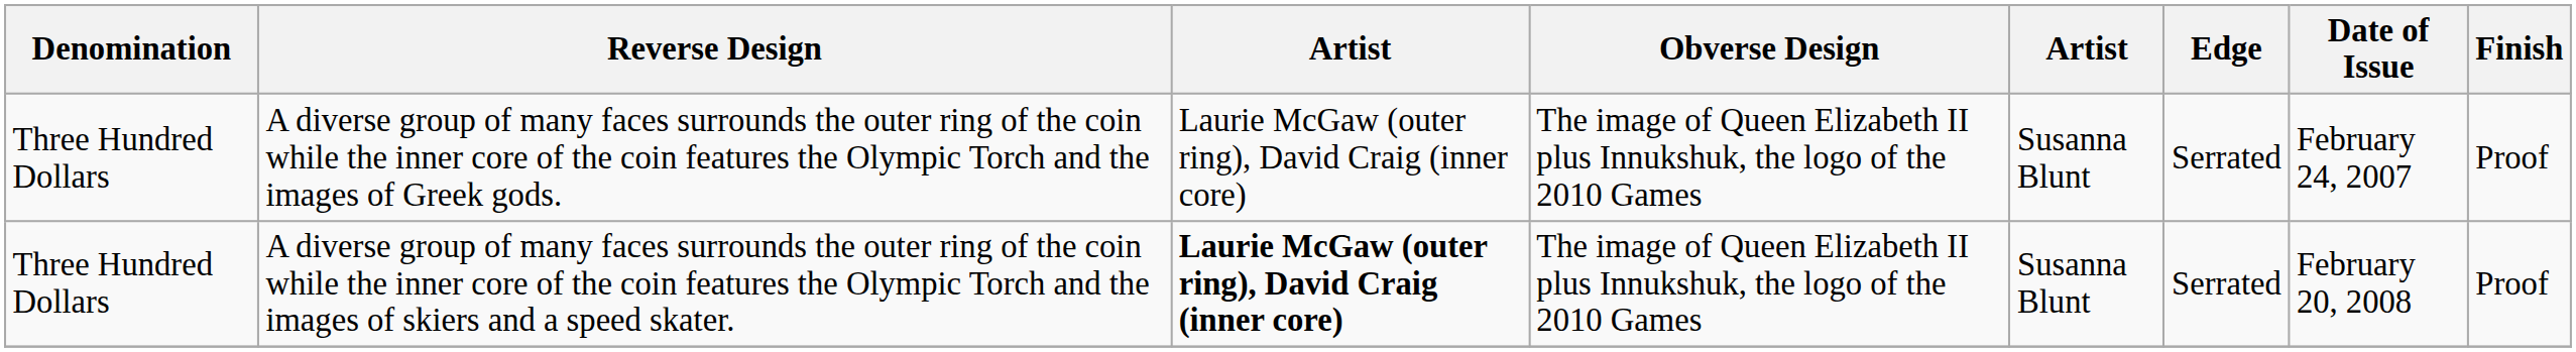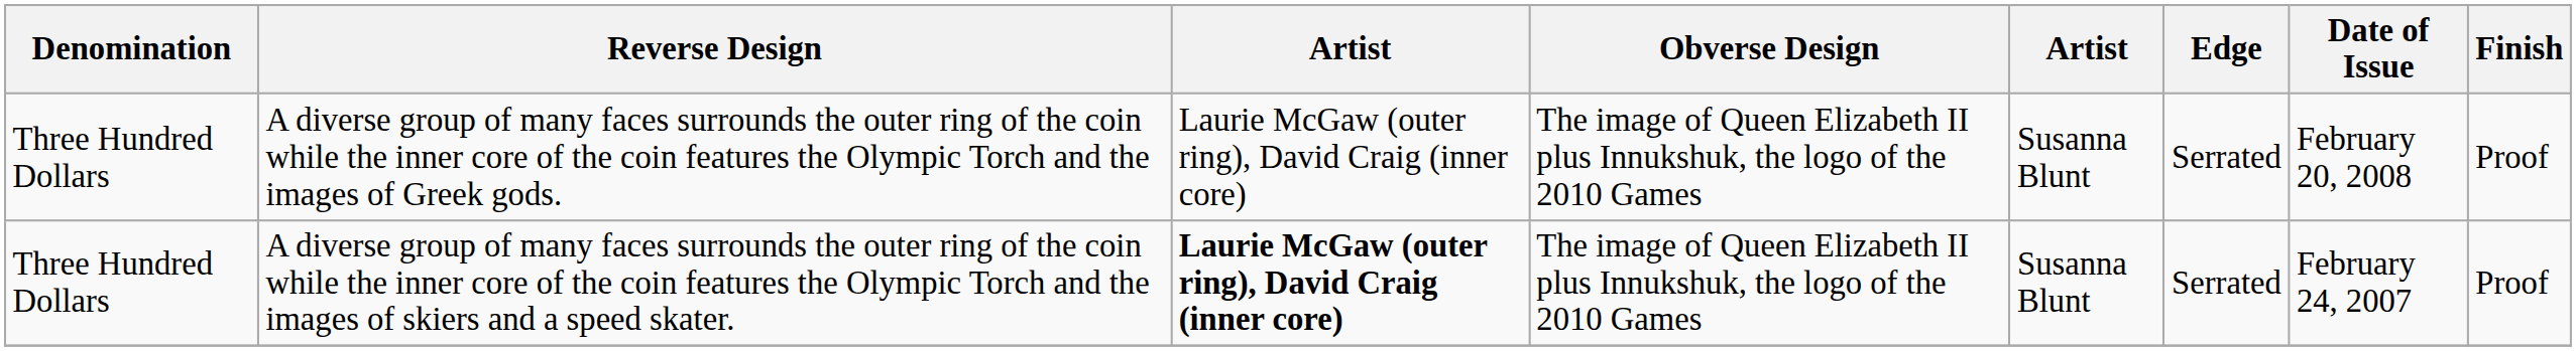 <table class="wikitable">
 <tr>
 <th>Denomination</th>
 <th>Reverse Design</th>
 <th>Artist</th>
 <th>Obverse Design</th>
 <th>Artist</th>
 <th>Edge</th>
 <th>Date of Issue</th>
 <th>Finish</th>
 </tr>
 <tr>
 <td>Three Hundred Dollars</td>
 <td>A diverse group of many faces surrounds the outer ring of the coin while the inner core of the coin features the Olympic Torch and the images of Greek gods.</td>
 <td>Laurie McGaw (outer ring), David Craig (inner core)</td>
 <td>The image of Queen Elizabeth II plus Innukshuk, the logo of the 2010 Games</td>
 <td>Susanna Blunt</td>
 <td>Serrated</td>
-<td>February 24, 2007</td>
+<td>February 20, 2008</td>
 <td>Proof</td>
 </tr>
 <tr>
 <td>Three Hundred Dollars</td>
 <td>A diverse group of many faces surrounds the outer ring of the coin while the inner core of the coin features the Olympic Torch and the images of skiers and a speed skater.</td>
 <td><strong>Laurie McGaw (outer ring), David Craig (inner core)</strong></td>
 <td>The image of Queen Elizabeth II plus Innukshuk, the logo of the 2010 Games</td>
 <td>Susanna Blunt</td>
 <td>Serrated</td>
-<td>February 20, 2008</td>
+<td>February 24, 2007</td>
 <td>Proof</td>
 </tr>
 <tr>
 </tr>
 </table>
